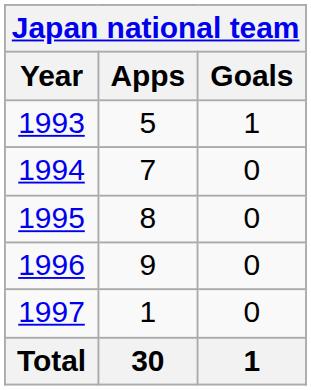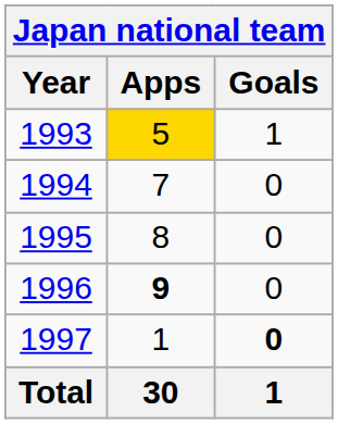 <table class="wikitable" style="text-align:center">
 <tr>
 <th colspan=3><a href='#'>Japan national team</a></th>
 </tr>
 <tr>
 <th>Year</th>
 <th>Apps</th>
 <th>Goals</th>
 </tr>
 <tr>
 <td><a href='#'>1993</a></td>
-<td>5</td>
+<td style="background: gold;">5</td>
 <td>1</td>
 </tr>
 <tr>
 <td><a href='#'>1994</a></td>
 <td>7</td>
 <td>0</td>
 </tr>
 <tr>
 <td><a href='#'>1995</a></td>
 <td>8</td>
 <td>0</td>
 </tr>
 <tr>
 <td><a href='#'>1996</a></td>
-<td>9</td>
+<td><strong>9</strong></td>
 <td>0</td>
 </tr>
 <tr>
 <td><a href='#'>1997</a></td>
 <td>1</td>
-<td>0</td>
+<td><strong>0</strong></td>
 </tr>
 <tr>
 <th>Total</th>
 <th>30</th>
 <th>1</th>
 </tr>
 </table>
